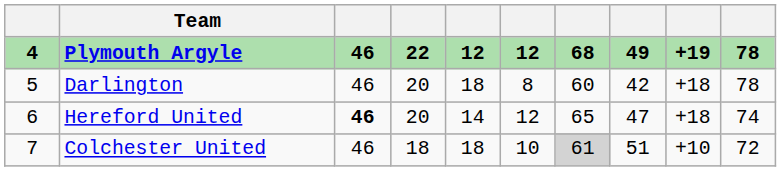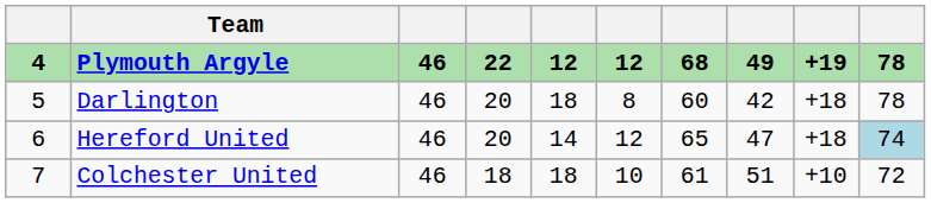 <table class="wikitable" style="text-align:center">
 <tr>
 <th width="30"></th>
 <th width="175">Team</th>
 <th width="30"></th>
 <th width="30"></th>
 <th width="30"></th>
 <th width="30"></th>
 <th width="30"></th>
 <th width="30"></th>
 <th width="30"></th>
 <th width="30"></th>
 </tr>
 <tr bgcolor=#ADDFAD>
 <td><strong>4</strong></td>
 <td align=left><strong><a href='#'>Plymouth Argyle</a></strong></td>
 <td><strong>46</strong></td>
 <td><strong>22</strong></td>
 <td><strong>12</strong></td>
 <td><strong>12</strong></td>
 <td><strong>68</strong></td>
 <td><strong>49</strong></td>
 <td><strong>+19</strong></td>
 <td><strong>78</strong></td>
 </tr>
 <tr>
 <td>5</td>
 <td align=left><a href='#'>Darlington</a></td>
 <td>46</td>
 <td>20</td>
 <td>18</td>
 <td>8</td>
 <td>60</td>
 <td>42</td>
 <td>+18</td>
 <td>78</td>
 </tr>
 <tr>
 <td>6</td>
 <td align=left><a href='#'>Hereford United</a></td>
-<td><strong>46</strong></td>
+<td>46</td>
 <td>20</td>
 <td>14</td>
 <td>12</td>
 <td>65</td>
 <td>47</td>
 <td>+18</td>
-<td>74</td>
+<td style="background: lightblue;">74</td>
 </tr>
 <tr>
 <td>7</td>
 <td align=left><a href='#'>Colchester United</a></td>
 <td>46</td>
 <td>18</td>
 <td>18</td>
 <td>10</td>
-<td style="background: lightgrey;">61</td>
+<td>61</td>
 <td>51</td>
 <td>+10</td>
 <td>72</td>
 </tr>
 </table>
